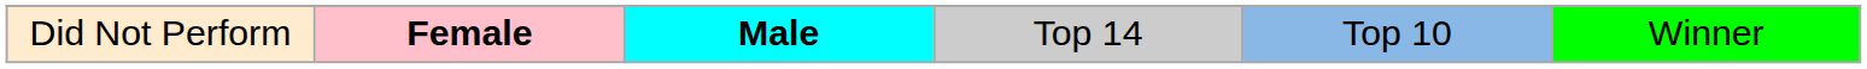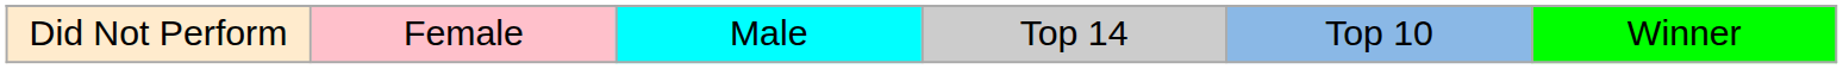 <table class="wikitable" style="margin:1em auto; text-align:center;">
 <tr>
 </tr>
 <tr>
 <td style="background:#ffebcd; width:15%;">Did Not Perform</td>
-<td style="background:pink; width:15%;"><strong>Female</strong></td>
-<td style="background:cyan; width:15%;"><strong>Male</strong></td>
+<td style="background:pink; width:15%;">Female</td>
+<td style="background:cyan; width:15%;">Male</td>
 <td style="background:#ccc; width:15%;">Top 14</td>
 <td style="background:#8ab8e6; width:15%;">Top 10</td>
 <td style="background:lime; width:15%;">Winner</td>
 </tr>
 </table>
